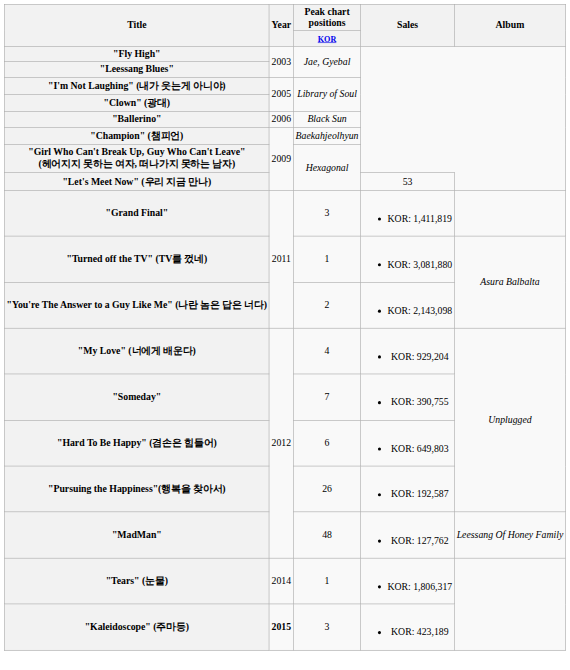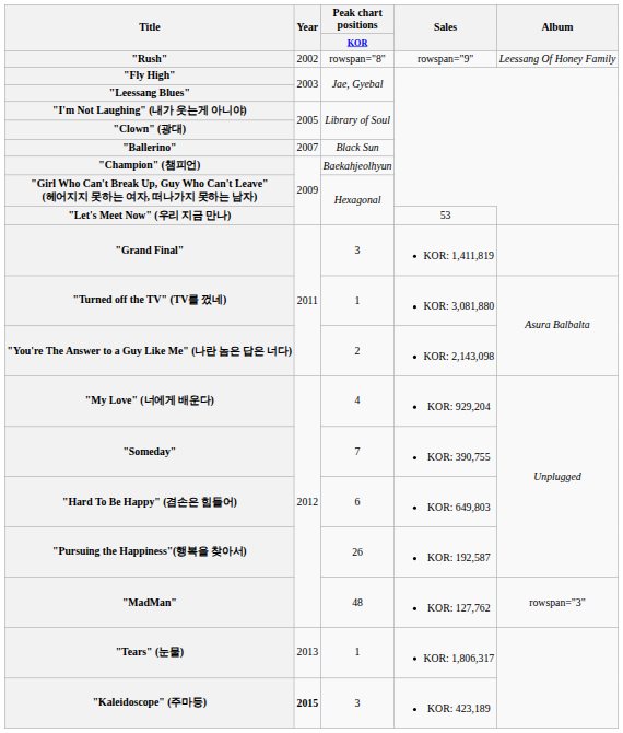 <table class="wikitable plainrowheaders" style="text-align:center;">
 <tr>
 <th rowspan="2" scope="col">Title</th>
 <th rowspan="2" scope="col">Year</th>
 <th colspan="1" scope="col" style="width:5em;">Peak chart positions</th>
 <th rowspan="2" scope="col">Sales</th>
 <th rowspan="2">Album</th>
 </tr>
 <tr>
 <th><small><a href='#'>KOR</a></small><br></th>
+</tr>
+<tr>
+<th scope="row">"Rush"<br></th>
+<td>2002</td>
+<td>rowspan="8" </td>
+<td>rowspan="9" </td>
+<td><em>Leessang Of Honey Family</em></td>
 </tr>
 <tr>
 <th scope="row">"Fly High"<br></th>
 <td rowspan="2">2003</td>
 <td rowspan="2"><em>Jae, Gyebal</em></td>
 </tr>
 <tr>
 <th scope="row">"Leessang Blues"<br></th>
 </tr>
 <tr>
 <th scope="row">"I'm Not Laughing" (내가 웃는게 아니야)<br></th>
 <td rowspan="2">2005</td>
 <td rowspan="2"><em>Library of Soul</em></td>
 </tr>
 <tr>
 <th scope="row">"Clown" (광대)<br></th>
 </tr>
 <tr>
 <th scope="row">"Ballerino"<br></th>
-<td>2006</td>
+<td>2007</td>
 <td><em>Black Sun</em></td>
 </tr>
 <tr>
 <th scope="row">"Champion" (챔피언)<br></th>
 <td rowspan="3">2009</td>
 <td><em>Baekahjeolhyun</em></td>
 </tr>
 <tr>
 <th scope="row">"Girl Who Can't Break Up, Guy Who Can't Leave"<br>(헤어지지 못하는 여자, 떠나가지 못하는 남자) </th>
 <td rowspan="2"><em>Hexagonal</em></td>
 </tr>
 <tr>
 <th scope="row">"Let's Meet Now" (우리 지금 만나)<br></th>
 <td>53</td>
 </tr>
 <tr>
 <th scope="row">"Grand Final"<br></th>
 <td rowspan="3">2011</td>
 <td>3</td>
 <td><br><ul><li>KOR: 1,411,819</li></ul></td>
 <td></td>
 </tr>
 <tr>
 <th scope="row">"Turned off the TV" (TV를 껐네)<br></th>
 <td>1</td>
 <td><br><ul><li>KOR: 3,081,880</li></ul></td>
 <td rowspan="2"><em>Asura Balbalta</em></td>
 </tr>
 <tr>
 <th scope="row">"You're The Answer to a Guy Like Me" (나란 놈은 답은 너다)<br></th>
 <td>2</td>
 <td><br><ul><li>KOR: 2,143,098</li></ul></td>
 </tr>
 <tr>
 <th scope="row">"My Love" (너에게 배운다)</th>
 <td rowspan="5">2012</td>
 <td>4</td>
 <td><br><ul><li>KOR: 929,204</li></ul></td>
 <td rowspan="4"><em>Unplugged</em></td>
 </tr>
 <tr>
 <th scope="row">"Someday"<br></th>
 <td>7</td>
 <td><br><ul><li>KOR: 390,755</li></ul></td>
 </tr>
 <tr>
 <th scope="row">"Hard To Be Happy" (겸손은 힘들어)</th>
 <td>6</td>
 <td><br><ul><li>KOR: 649,803</li></ul></td>
 </tr>
 <tr>
 <th scope="row">"Pursuing the Happiness"(행복을 찾아서)<br></th>
 <td>26</td>
 <td><br><ul><li>KOR: 192,587</li></ul></td>
 </tr>
 <tr>
 <th scope="row">"MadMan"<br></th>
 <td>48</td>
 <td><br><ul><li>KOR: 127,762</li></ul></td>
-<td><em>Leessang Of Honey Family</em></td>
+<td>rowspan="3" </td>
 </tr>
 <tr>
 <th scope="row">"Tears" (눈물)<br></th>
-<td>2014</td>
+<td>2013</td>
 <td>1</td>
 <td><br><ul><li>KOR: 1,806,317</li></ul></td>
 </tr>
 <tr>
 <th scope="row">"Kaleidoscope" (주마등)<br></th>
 <td><strong>2015</strong></td>
 <td>3</td>
 <td><br><ul><li>KOR: 423,189</li></ul></td>
 </tr>
 </table>
